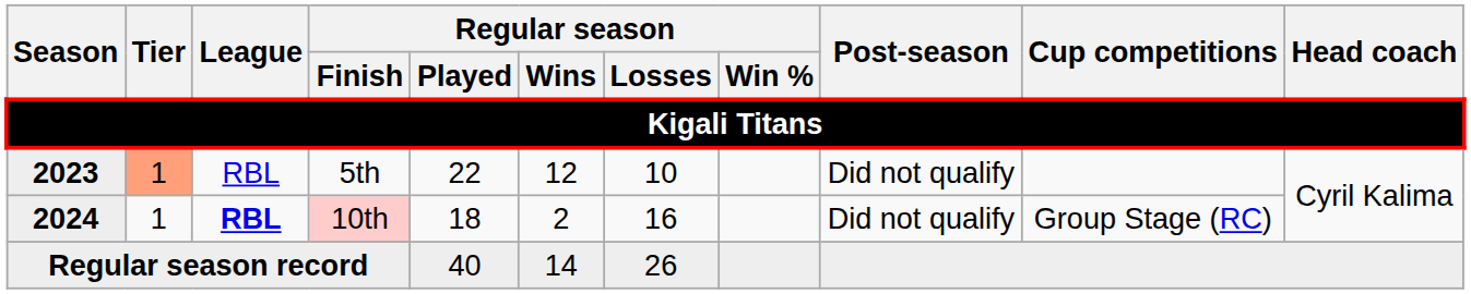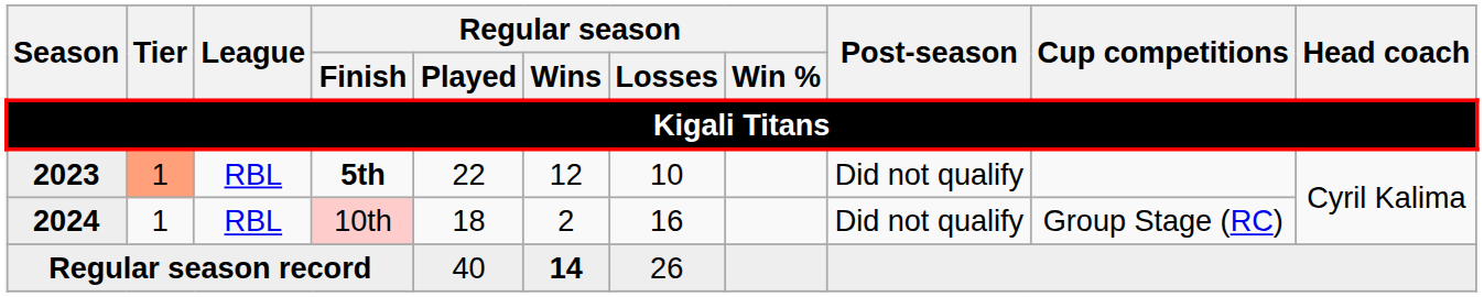 <table class="wikitable" style="font-size:95%; text-align:center">
 <tr>
 <th rowspan="2">Season</th>
 <th rowspan="2">Tier</th>
 <th rowspan="2">League</th>
 <th colspan="5">Regular season</th>
 <th rowspan="2">Post-season</th>
 <th rowspan="2">Cup competitions</th>
 <th rowspan="2">Head coach</th>
 </tr>
 <tr>
 <th>Finish</th>
 <th>Played</th>
 <th>Wins</th>
 <th>Losses</th>
 <th>Win %</th>
 </tr>
 <tr>
 <td colspan="12" align="center" style="background:black; color:white; border:2px solid red"><strong>Kigali Titans</strong></td>
 </tr>
 <tr>
 <th style="background:#eee;">2023</th>
 <td style="background: lightsalmon; text-align:center;">1</td>
 <td style="text-align:center;"><a href='#'>RBL</a></td>
-<td>5th</td>
+<td><strong>5th</strong></td>
 <td style="text-align:center;">22</td>
 <td style="text-align:center;">12</td>
 <td style="text-align:center;">10</td>
 <td style="text-align:center;"></td>
 <td style="text-align:center;">Did not qualify</td>
 <td></td>
 <td rowspan="2">Cyril Kalima</td>
 </tr>
 <tr>
 <th style="background:#eee;">2024</th>
 <td style="text-align:center;">1</td>
-<td style="text-align:center;"><strong><a href='#'>RBL</a></strong></td>
+<td style="text-align:center;"><a href='#'>RBL</a></td>
 <td style="text-align:center;" bgcolor="#fcc">10th</td>
 <td style="text-align:center;">18</td>
 <td style="text-align:center;">2</td>
 <td style="text-align:center;">16</td>
 <td style="text-align:center;"></td>
 <td style="text-align:center;">Did not qualify</td>
 <td>Group Stage (<a href='#'>RC</a>)</td>
 </tr>
 <tr>
 <th colspan="4" style="background:#eee;">Regular season record</th>
 <td style="background:#eee;">40</td>
-<td style="background:#eee;">14</td>
+<td style="background:#eee;"><strong>14</strong></td>
 <td style="background:#eee;">26</td>
 <td style="background:#eee;"></td>
 <td colspan="3" style="background:#eee;"></td>
 </tr>
 </table>
